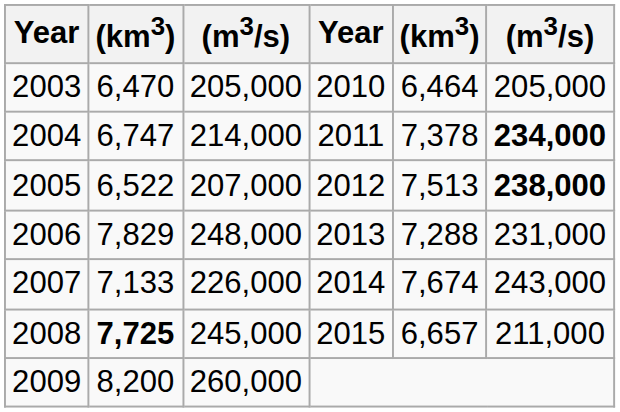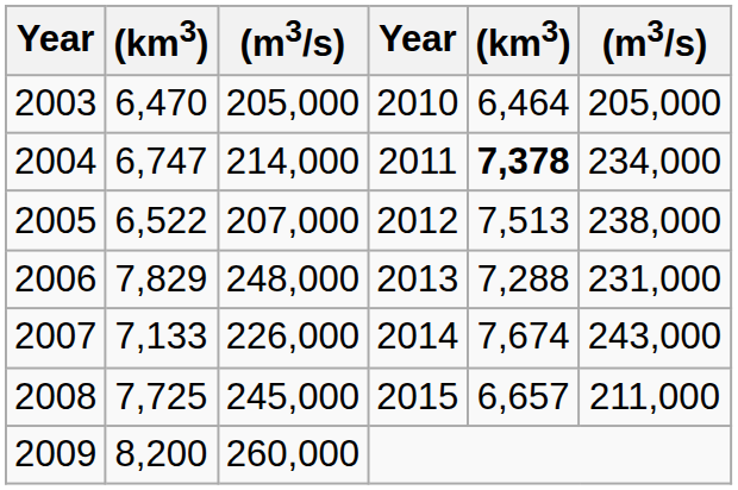 <table class="wikitable" style="text-align:center;">
 <tr>
 <th>Year</th>
 <th>(km<sup>3</sup>)</th>
 <th>(m<sup>3</sup>/s)</th>
 <th>Year</th>
 <th>(km<sup>3</sup>)</th>
 <th>(m<sup>3</sup>/s)</th>
 </tr>
 <tr>
 <td>2003</td>
 <td>6,470</td>
 <td>205,000</td>
 <td>2010</td>
 <td>6,464</td>
 <td>205,000</td>
 </tr>
 <tr>
 <td>2004</td>
 <td>6,747</td>
 <td>214,000</td>
 <td>2011</td>
-<td>7,378</td>
-<td><strong>234,000</strong></td>
+<td><strong>7,378</strong></td>
+<td>234,000</td>
 </tr>
 <tr>
 <td>2005</td>
 <td>6,522</td>
 <td>207,000</td>
 <td>2012</td>
 <td>7,513</td>
-<td><strong>238,000</strong></td>
+<td>238,000</td>
 </tr>
 <tr>
 <td>2006</td>
 <td>7,829</td>
 <td>248,000</td>
 <td>2013</td>
 <td>7,288</td>
 <td>231,000</td>
 </tr>
 <tr>
 <td>2007</td>
 <td>7,133</td>
 <td>226,000</td>
 <td>2014</td>
 <td>7,674</td>
 <td>243,000</td>
 </tr>
 <tr>
 <td>2008</td>
-<td><strong>7,725</strong></td>
+<td>7,725</td>
 <td>245,000</td>
 <td>2015</td>
 <td>6,657</td>
 <td>211,000</td>
 </tr>
 <tr>
 <td>2009</td>
 <td>8,200</td>
 <td>260,000</td>
 <td colspan="3"></td>
 </tr>
 </table>
